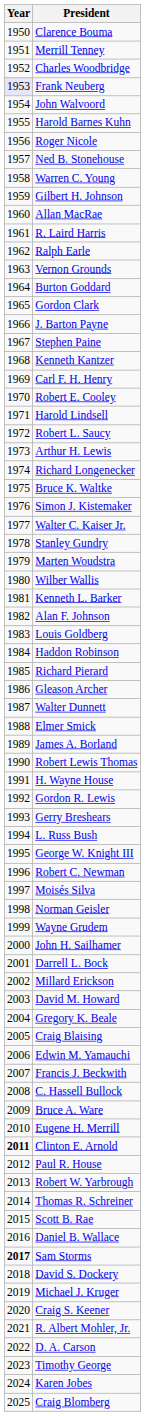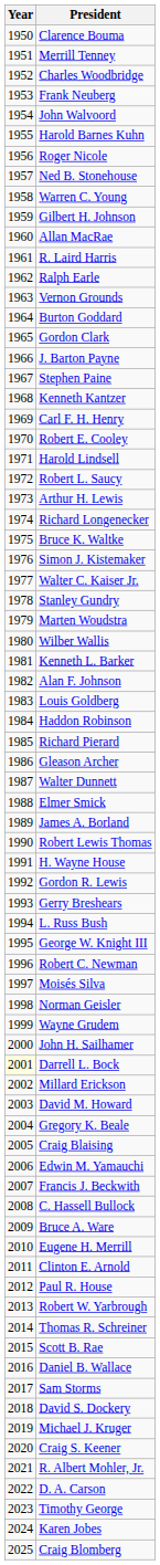 <table class="wikitable sortable">
 <tr>
 <th>Year</th>
 <th>President</th>
 </tr>
 <tr>
 <td>1950</td>
 <td><a href='#'>Clarence Bouma</a></td>
 </tr>
 <tr>
 <td>1951</td>
 <td><a href='#'>Merrill Tenney</a></td>
 </tr>
 <tr>
 <td>1952</td>
 <td><a href='#'>Charles Woodbridge</a></td>
 </tr>
 <tr>
-<td style="background: lavender;">1953</td>
+<td>1953</td>
 <td><a href='#'>Frank Neuberg</a></td>
 </tr>
 <tr>
 <td>1954</td>
 <td><a href='#'>John Walvoord</a></td>
 </tr>
 <tr>
 <td>1955</td>
 <td><a href='#'>Harold Barnes Kuhn</a></td>
 </tr>
 <tr>
 <td>1956</td>
 <td><a href='#'>Roger Nicole</a></td>
 </tr>
 <tr>
 <td>1957</td>
 <td><a href='#'>Ned B. Stonehouse</a></td>
 </tr>
 <tr>
 <td>1958</td>
 <td><a href='#'>Warren C. Young</a></td>
 </tr>
 <tr>
 <td>1959</td>
 <td><a href='#'>Gilbert H. Johnson</a></td>
 </tr>
 <tr>
 <td>1960</td>
 <td><a href='#'>Allan MacRae</a></td>
 </tr>
 <tr>
 <td>1961</td>
 <td><a href='#'>R. Laird Harris</a></td>
 </tr>
 <tr>
 <td>1962</td>
 <td><a href='#'>Ralph Earle</a></td>
 </tr>
 <tr>
 <td>1963</td>
 <td><a href='#'>Vernon Grounds</a></td>
 </tr>
 <tr>
 <td>1964</td>
 <td><a href='#'>Burton Goddard</a></td>
 </tr>
 <tr>
 <td>1965</td>
 <td><a href='#'>Gordon Clark</a></td>
 </tr>
 <tr>
 <td>1966</td>
 <td><a href='#'>J. Barton Payne</a></td>
 </tr>
 <tr>
 <td>1967</td>
 <td><a href='#'>Stephen Paine</a></td>
 </tr>
 <tr>
 <td>1968</td>
 <td><a href='#'>Kenneth Kantzer</a></td>
 </tr>
 <tr>
 <td>1969</td>
 <td><a href='#'>Carl F. H. Henry</a></td>
 </tr>
 <tr>
 <td>1970</td>
 <td><a href='#'>Robert E. Cooley</a></td>
 </tr>
 <tr>
 <td>1971</td>
 <td><a href='#'>Harold Lindsell</a></td>
 </tr>
 <tr>
 <td>1972</td>
 <td><a href='#'>Robert L. Saucy</a></td>
 </tr>
 <tr>
 <td>1973</td>
 <td><a href='#'>Arthur H. Lewis</a></td>
 </tr>
 <tr>
 <td>1974</td>
 <td><a href='#'>Richard Longenecker</a></td>
 </tr>
 <tr>
 <td>1975</td>
 <td><a href='#'>Bruce K. Waltke</a></td>
 </tr>
 <tr>
 <td>1976</td>
 <td><a href='#'>Simon J. Kistemaker</a></td>
 </tr>
 <tr>
 <td>1977</td>
 <td><a href='#'>Walter C. Kaiser Jr.</a></td>
 </tr>
 <tr>
 <td>1978</td>
 <td><a href='#'>Stanley Gundry</a></td>
 </tr>
 <tr>
 <td>1979</td>
 <td><a href='#'>Marten Woudstra</a></td>
 </tr>
 <tr>
 <td>1980</td>
 <td><a href='#'>Wilber Wallis</a></td>
 </tr>
 <tr>
 <td>1981</td>
 <td><a href='#'>Kenneth L. Barker</a></td>
 </tr>
 <tr>
 <td>1982</td>
 <td><a href='#'>Alan F. Johnson</a></td>
 </tr>
 <tr>
 <td>1983</td>
 <td><a href='#'>Louis Goldberg</a></td>
 </tr>
 <tr>
 <td>1984</td>
 <td><a href='#'>Haddon Robinson</a></td>
 </tr>
 <tr>
 <td>1985</td>
 <td><a href='#'>Richard Pierard</a></td>
 </tr>
 <tr>
 <td>1986</td>
 <td><a href='#'>Gleason Archer</a></td>
 </tr>
 <tr>
 <td>1987</td>
 <td><a href='#'>Walter Dunnett</a></td>
 </tr>
 <tr>
 <td>1988</td>
 <td><a href='#'>Elmer Smick</a></td>
 </tr>
 <tr>
 <td>1989</td>
 <td><a href='#'>James A. Borland</a></td>
 </tr>
 <tr>
 <td>1990</td>
 <td><a href='#'>Robert Lewis Thomas</a></td>
 </tr>
 <tr>
 <td>1991</td>
 <td><a href='#'>H. Wayne House</a></td>
 </tr>
 <tr>
 <td>1992</td>
 <td><a href='#'>Gordon R. Lewis</a></td>
 </tr>
 <tr>
 <td>1993</td>
 <td><a href='#'>Gerry Breshears</a></td>
 </tr>
 <tr>
 <td>1994</td>
 <td><a href='#'>L. Russ Bush</a></td>
 </tr>
 <tr>
 <td>1995</td>
 <td><a href='#'>George W. Knight III</a></td>
 </tr>
 <tr>
 <td>1996</td>
 <td><a href='#'>Robert C. Newman</a></td>
 </tr>
 <tr>
 <td>1997</td>
 <td><a href='#'>Moisés Silva</a></td>
 </tr>
 <tr>
 <td>1998</td>
 <td><a href='#'>Norman Geisler</a></td>
 </tr>
 <tr>
 <td>1999</td>
 <td><a href='#'>Wayne Grudem</a></td>
 </tr>
 <tr>
 <td>2000</td>
 <td><a href='#'>John H. Sailhamer</a></td>
 </tr>
 <tr>
-<td>2001</td>
+<td style="background: lightyellow;">2001</td>
 <td><a href='#'>Darrell L. Bock</a></td>
 </tr>
 <tr>
 <td>2002</td>
 <td><a href='#'>Millard Erickson</a></td>
 </tr>
 <tr>
 <td>2003</td>
 <td><a href='#'>David M. Howard</a></td>
 </tr>
 <tr>
 <td>2004</td>
 <td><a href='#'>Gregory K. Beale</a></td>
 </tr>
 <tr>
 <td>2005</td>
 <td><a href='#'>Craig Blaising</a></td>
 </tr>
 <tr>
 <td>2006</td>
 <td><a href='#'>Edwin M. Yamauchi</a></td>
 </tr>
 <tr>
 <td>2007</td>
 <td><a href='#'>Francis J. Beckwith</a></td>
 </tr>
 <tr>
 <td>2008</td>
 <td><a href='#'>C. Hassell Bullock</a></td>
 </tr>
 <tr>
 <td>2009</td>
 <td><a href='#'>Bruce A. Ware</a></td>
 </tr>
 <tr>
 <td>2010</td>
 <td><a href='#'>Eugene H. Merrill</a></td>
 </tr>
 <tr>
-<td><strong>2011</strong></td>
+<td>2011</td>
 <td><a href='#'>Clinton E. Arnold</a></td>
 </tr>
 <tr>
 <td>2012</td>
 <td><a href='#'>Paul R. House</a></td>
 </tr>
 <tr>
 <td>2013</td>
 <td><a href='#'>Robert W. Yarbrough</a></td>
 </tr>
 <tr>
 <td>2014</td>
 <td><a href='#'>Thomas R. Schreiner</a></td>
 </tr>
 <tr>
 <td>2015</td>
 <td><a href='#'>Scott B. Rae</a></td>
 </tr>
 <tr>
 <td>2016</td>
 <td><a href='#'>Daniel B. Wallace</a></td>
 </tr>
 <tr>
-<td><strong>2017</strong></td>
+<td>2017</td>
 <td><a href='#'>Sam Storms</a></td>
 </tr>
 <tr>
 <td>2018</td>
 <td><a href='#'>David S. Dockery</a></td>
 </tr>
 <tr>
 <td>2019</td>
 <td><a href='#'>Michael J. Kruger</a></td>
 </tr>
 <tr>
 <td>2020</td>
 <td><a href='#'>Craig S. Keener</a></td>
 </tr>
 <tr>
 <td>2021</td>
 <td><a href='#'>R. Albert Mohler, Jr.</a></td>
 </tr>
 <tr>
 <td>2022</td>
 <td><a href='#'>D. A. Carson</a></td>
 </tr>
 <tr>
 <td>2023</td>
 <td><a href='#'>Timothy George</a></td>
 </tr>
 <tr>
 <td>2024</td>
 <td><a href='#'>Karen Jobes</a></td>
 </tr>
 <tr>
 <td>2025</td>
 <td><a href='#'>Craig Blomberg</a></td>
 </tr>
 </table>
